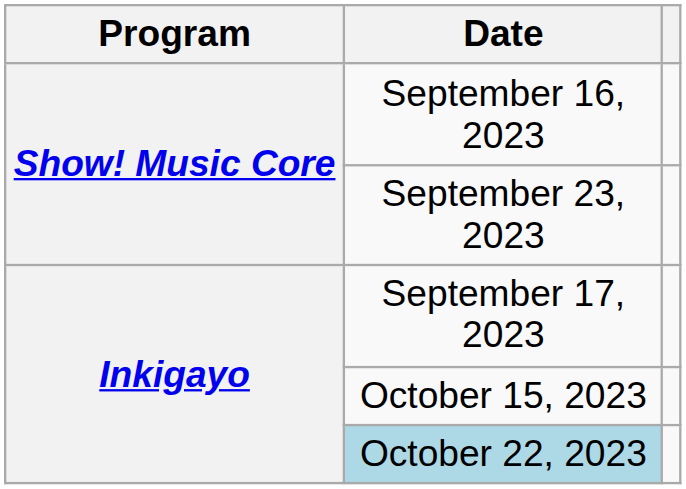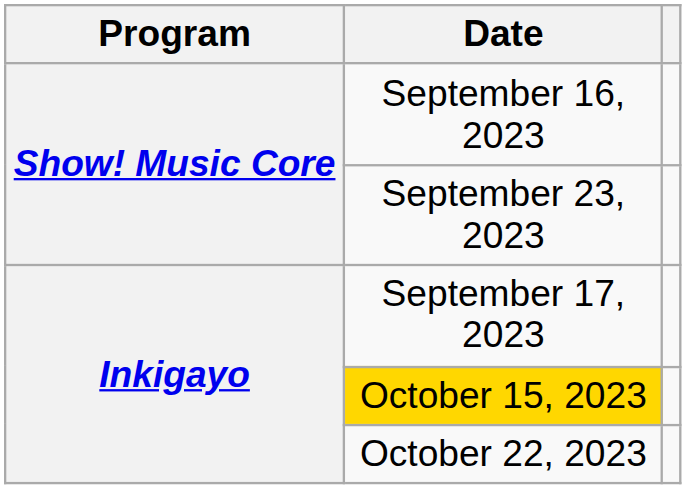 <table class="wikitable plainrowheaders sortable" style="text-align:center;">
 <tr>
 <th scope="col">Program</th>
 <th width="130" scope="col">Date</th>
 <th scope="col" class="unsortable"></th>
 </tr>
 <tr>
 <th rowspan="2" scope="row"><em><a href='#'>Show! Music Core</a></em></th>
 <td>September 16, 2023</td>
 <td style="text-align:center"></td>
 </tr>
 <tr>
 <td>September 23, 2023</td>
 <td style="text-align:center"></td>
 </tr>
 <tr>
 <th rowspan="3" scope="row"><em><a href='#'>Inkigayo</a></em></th>
 <td>September 17, 2023</td>
 <td style="text-align:center"></td>
 </tr>
 <tr>
-<td>October 15, 2023</td>
+<td style="background: gold;">October 15, 2023</td>
 <td style="text-align:center"></td>
 </tr>
 <tr>
-<td style="background: lightblue;">October 22, 2023</td>
+<td>October 22, 2023</td>
 <td style="text-align:center"></td>
 </tr>
 </table>
